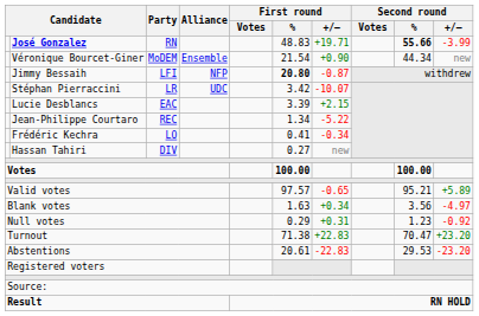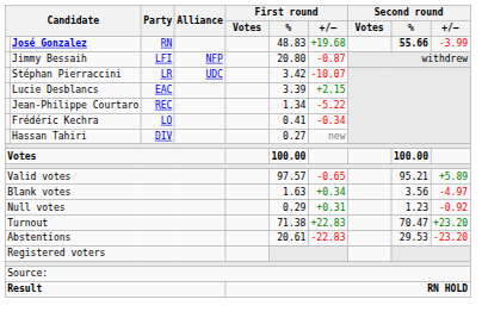 <table class="wikitable" style="text-align:right;font-size:95%;">
 <tr>
 <th rowspan="2" colspan="2">Candidate</th>
 <th colspan="1" rowspan="2">Party</th>
 <th colspan="1" rowspan="2">Alliance</th>
 <th colspan="3">First round</th>
 <th colspan="3">Second round</th>
 </tr>
 <tr>
 <th style="width:50px;">Votes</th>
 <th style="width:45px;">%</th>
 <th style="width:45px;">+/–</th>
 <th style="width:50px;">Votes</th>
 <th style="width:45px;">%</th>
 <th style="width:45px;">+/–</th>
 </tr>
 <tr>
 <td style="color:inherit;background:"></td>
 <td style="text-align:left;"><strong><a href='#'>José Gonzalez</a></strong></td>
 <td><a href='#'>RN</a></td>
 <td></td>
 <td></td>
 <td>48.83</td>
-<td style="color:green;">+19.71</td>
+<td style="color:green;">+19.68</td>
 <td><strong></strong></td>
 <td><strong>55.66</strong></td>
 <td style="color:red;">-3.99</td>
-</tr>
-<tr>
-<td style="color:inherit;background:"></td>
-<td style="text-align:left;">Véronique Bourcet-Giner</td>
-<td><a href='#'>MoDEM</a></td>
-<td><a href='#'>Ensemble</a></td>
-<td></td>
-<td>21.54</td>
-<td style="color:green;">+0.90</td>
-<td></td>
-<td>44.34</td>
-<td style="color:grey;">new</td>
 </tr>
 <tr>
 <td style="color:inherit;background:"></td>
 <td style="text-align:left;">Jimmy Bessaih</td>
 <td><a href='#'>LFI</a></td>
 <td><a href='#'>NFP</a></td>
 <td></td>
-<td><strong>20.80</strong></td>
+<td>20.80</td>
 <td style="color:red;">-0.87</td>
 <td colspan="3" style="background:#E9E9E9;">withdrew</td>
 </tr>
 <tr>
 <td style="color:inherit;background:"></td>
 <td style="text-align:left;">Stéphan Pierraccini</td>
 <td><a href='#'>LR</a></td>
 <td><a href='#'>UDC</a></td>
 <td></td>
 <td>3.42</td>
 <td style="color:red;">-10.07</td>
 <td colspan="3" rowspan="5" style="background:#E9E9E9;"></td>
 </tr>
 <tr>
 <td style="color:inherit;background:"></td>
 <td style="text-align:left;">Lucie Desblancs</td>
 <td><a href='#'>EAC</a></td>
 <td></td>
 <td></td>
 <td>3.39</td>
 <td style="color:green;">+2.15</td>
 </tr>
 <tr>
 <td style="color:inherit;background:"></td>
 <td style="text-align:left;">Jean-Philippe Courtaro</td>
 <td><a href='#'>REC</a></td>
 <td></td>
 <td></td>
 <td>1.34</td>
 <td style="color:red;">-5.22</td>
 </tr>
 <tr>
 <td style="color:inherit;background:"></td>
 <td style="text-align:left;">Frédéric Kechra</td>
 <td><a href='#'>LO</a></td>
 <td></td>
 <td></td>
 <td>0.41</td>
 <td style="color:red;">-0.34</td>
 </tr>
 <tr>
 <td style="color:inherit;background:"></td>
 <td style="text-align:left;">Hassan Tahiri</td>
 <td><a href='#'>DIV</a></td>
 <td></td>
 <td></td>
 <td>0.27</td>
 <td style="color:grey;">new</td>
 </tr>
 <tr>
 <td colspan="10" style="background:#E9E9E9;"></td>
 </tr>
 <tr style="font-weight:bold;">
 <td colspan="4" style="text-align:left;">Votes</td>
 <td></td>
 <td>100.00</td>
 <td></td>
 <td></td>
 <td>100.00</td>
 <td></td>
 </tr>
 <tr>
 <td colspan="10" style="background:#E9E9E9;"></td>
 </tr>
 <tr>
 <td colspan="4" style="text-align:left;">Valid votes</td>
 <td></td>
 <td>97.57</td>
 <td style="color:red;">-0.65</td>
 <td></td>
 <td>95.21</td>
 <td style="color:green;">+5.89</td>
 </tr>
 <tr>
 <td colspan="4" style="text-align:left;">Blank votes</td>
 <td></td>
 <td>1.63</td>
 <td style="color:green;">+0.34</td>
 <td></td>
 <td>3.56</td>
 <td style="color:red;">-4.97</td>
 </tr>
 <tr>
 <td colspan="4" style="text-align:left;">Null votes</td>
 <td></td>
 <td>0.29</td>
 <td style="color:green;">+0.31</td>
 <td></td>
 <td>1.23</td>
 <td style="color:red;">-0.92</td>
 </tr>
 <tr>
 <td colspan="4" style="text-align:left;">Turnout</td>
 <td></td>
 <td>71.38</td>
 <td style="color:green;">+22.83</td>
 <td></td>
 <td>70.47</td>
 <td style="color:green;">+23.20</td>
 </tr>
 <tr>
 <td colspan="4" style="text-align:left;">Abstentions</td>
 <td></td>
 <td>20.61</td>
 <td style="color:red;">-22.83</td>
 <td></td>
 <td>29.53</td>
 <td style="color:red;">-23.20</td>
 </tr>
 <tr>
 <td colspan="4" style="text-align:left;">Registered voters</td>
 <td></td>
 <td colspan="2" style="background:#E9E9E9;"></td>
 <td></td>
 <td colspan="2" style="background:#E9E9E9;"></td>
 </tr>
 <tr>
 <td colspan="10" style="background:#E9E9E9;"></td>
 </tr>
 <tr>
 <td colspan="10" style="text-align:left;">Source: </td>
 </tr>
 <tr style="font-weight:bold">
 <td colspan="4" style="text-align:left;">Result</td>
 <td colspan="6" style="background-color:">RN HOLD</td>
 </tr>
 </table>
